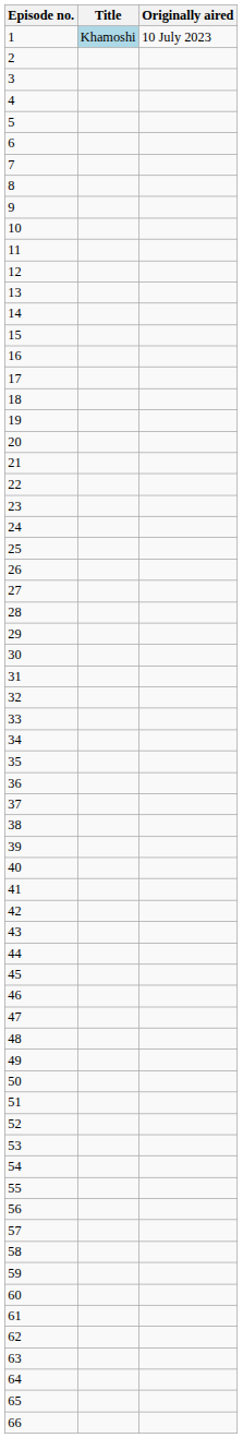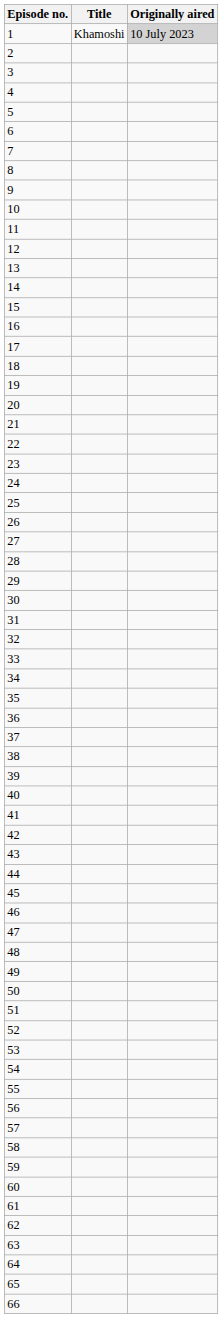 <table class="wikitable">
 <tr>
 <th>Episode no.</th>
 <th>Title</th>
 <th>Originally aired</th>
 </tr>
 <tr>
 <td><div> 1 </div></td>
-<td style="background: lightblue;">Khamoshi</td>
-<td><div> 10 July 2023 </div></td>
+<td>Khamoshi</td>
+<td style="background: lightgrey;"><div> 10 July 2023 </div></td>
 </tr>
 <tr>
 <td><div> 2 </div></td>
 <td></td>
 <td></td>
 </tr>
 <tr>
 <td><div> 3 </div></td>
 <td></td>
 <td></td>
 </tr>
 <tr>
 <td><div>4</div></td>
 <td></td>
 <td></td>
 </tr>
 <tr>
 <td><div>5</div></td>
 <td></td>
 <td></td>
 </tr>
 <tr>
 <td><div>6</div></td>
 <td></td>
 <td></td>
 </tr>
 <tr>
 <td><div>7</div></td>
 <td></td>
 <td></td>
 </tr>
 <tr>
 <td><div>8</div></td>
 <td></td>
 <td></td>
 </tr>
 <tr>
 <td><div>9</div></td>
 <td></td>
 <td></td>
 </tr>
 <tr>
 <td><div>10</div></td>
 <td></td>
 <td></td>
 </tr>
 <tr>
 <td><div>11</div></td>
 <td></td>
 <td></td>
 </tr>
 <tr>
 <td><div>12</div></td>
 <td></td>
 <td></td>
 </tr>
 <tr>
 <td><div>13</div></td>
 <td></td>
 <td></td>
 </tr>
 <tr>
 <td><div>14</div></td>
 <td></td>
 <td></td>
 </tr>
 <tr>
 <td><div>15</div></td>
 <td></td>
 <td></td>
 </tr>
 <tr>
 <td><div>16</div></td>
 <td></td>
 <td></td>
 </tr>
 <tr>
 <td><div>17</div></td>
 <td></td>
 <td></td>
 </tr>
 <tr>
 <td><div>18</div></td>
 <td></td>
 <td></td>
 </tr>
 <tr>
 <td><div>19</div></td>
 <td></td>
 <td></td>
 </tr>
 <tr>
 <td><div>20</div></td>
 <td></td>
 <td></td>
 </tr>
 <tr>
 <td><div>21</div></td>
 <td></td>
 <td></td>
 </tr>
 <tr>
 <td><div>22</div></td>
 <td></td>
 <td></td>
 </tr>
 <tr>
 <td><div>23</div></td>
 <td></td>
 <td></td>
 </tr>
 <tr>
 <td><div>24</div></td>
 <td></td>
 <td></td>
 </tr>
 <tr>
 <td><div>25</div></td>
 <td></td>
 <td></td>
 </tr>
 <tr>
 <td><div>26</div></td>
 <td></td>
 <td></td>
 </tr>
 <tr>
 <td><div>27</div></td>
 <td></td>
 <td></td>
 </tr>
 <tr>
 <td><div>28 </div></td>
 <td></td>
 <td></td>
 </tr>
 <tr>
 <td><div>29</div></td>
 <td></td>
 <td></td>
 </tr>
 <tr>
 <td><div>30</div></td>
 <td></td>
 <td></td>
 </tr>
 <tr>
 <td><div>31</div></td>
 <td></td>
 <td></td>
 </tr>
 <tr>
 <td><div>32</div></td>
 <td></td>
 <td></td>
 </tr>
 <tr>
 <td><div>33</div></td>
 <td></td>
 <td></td>
 </tr>
 <tr>
 <td><div>34</div></td>
 <td></td>
 <td></td>
 </tr>
 <tr>
 <td><div>35</div></td>
 <td></td>
 <td></td>
 </tr>
 <tr>
 <td><div>36</div></td>
 <td></td>
 <td></td>
 </tr>
 <tr>
 <td><div>37</div></td>
 <td></td>
 <td></td>
 </tr>
 <tr>
 <td><div>38</div></td>
 <td></td>
 <td></td>
 </tr>
 <tr>
 <td><div>39</div></td>
 <td></td>
 <td></td>
 </tr>
 <tr>
 <td><div>40</div></td>
 <td></td>
 <td></td>
 </tr>
 <tr>
 <td><div>41</div></td>
 <td></td>
 <td></td>
 </tr>
 <tr>
 <td><div>42</div></td>
 <td></td>
 <td></td>
 </tr>
 <tr>
 <td><div>43</div></td>
 <td></td>
 <td></td>
 </tr>
 <tr>
 <td><div>44</div></td>
 <td></td>
 <td></td>
 </tr>
 <tr>
 <td><div>45</div></td>
 <td></td>
 <td></td>
 </tr>
 <tr>
 <td><div>46</div></td>
 <td></td>
 <td></td>
 </tr>
 <tr>
 <td><div>47</div></td>
 <td></td>
 <td></td>
 </tr>
 <tr>
 <td><div>48</div></td>
 <td></td>
 <td></td>
 </tr>
 <tr>
 <td><div>49</div></td>
 <td></td>
 <td></td>
 </tr>
 <tr>
 <td><div>50</div></td>
 <td></td>
 <td></td>
 </tr>
 <tr>
 <td><div>51 </div></td>
 <td></td>
 <td></td>
 </tr>
 <tr>
 <td><div>52</div></td>
 <td></td>
 <td></td>
 </tr>
 <tr>
 <td><div>53</div></td>
 <td></td>
 <td></td>
 </tr>
 <tr>
 <td><div>54</div></td>
 <td></td>
 <td></td>
 </tr>
 <tr>
 <td><div>55</div></td>
 <td></td>
 <td></td>
 </tr>
 <tr>
 <td><div>56</div></td>
 <td></td>
 <td></td>
 </tr>
 <tr>
 <td><div>57</div></td>
 <td></td>
 <td></td>
 </tr>
 <tr>
 <td><div>58</div></td>
 <td></td>
 <td></td>
 </tr>
 <tr>
 <td><div>59</div></td>
 <td></td>
 <td></td>
 </tr>
 <tr>
 <td><div>60</div></td>
 <td></td>
 <td></td>
 </tr>
 <tr>
 <td><div>61</div></td>
 <td></td>
 <td></td>
 </tr>
 <tr>
 <td><div>62</div></td>
 <td></td>
 <td></td>
 </tr>
 <tr>
 <td><div>63</div></td>
 <td></td>
 <td></td>
 </tr>
 <tr>
 <td><div>64</div></td>
 <td></td>
 <td></td>
 </tr>
 <tr>
 <td><div>65</div></td>
 <td></td>
 <td></td>
 </tr>
 <tr>
 <td><div>66 </div></td>
 <td></td>
 <td></td>
 </tr>
 </table>
